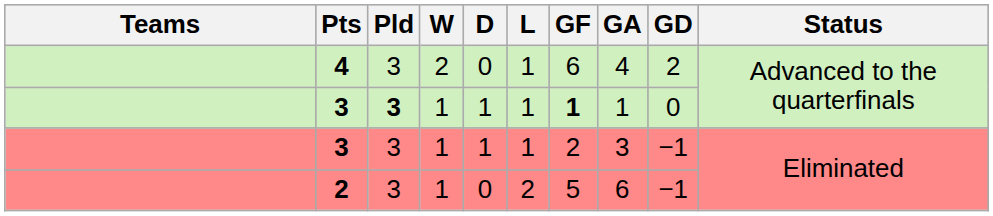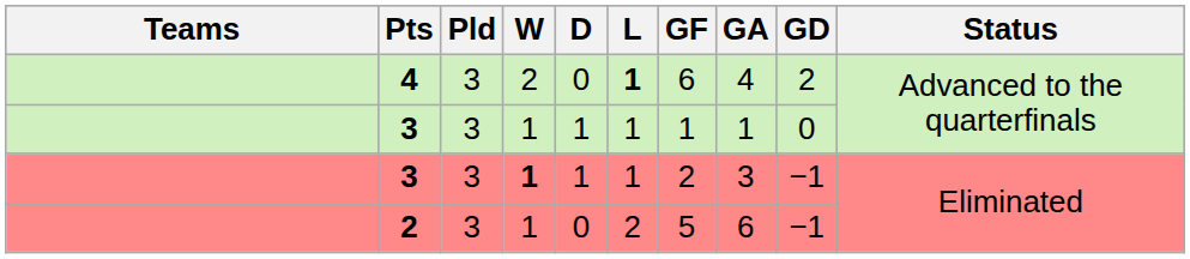 <table class=wikitable style="text-align:center">
 <tr>
 <th width=200>Teams</th>
 <th width=20>Pts</th>
 <th width=20>Pld</th>
 <th width=20>W</th>
 <th width=20>D</th>
 <th width=20>L</th>
 <th width=20>GF</th>
 <th width=20>GA</th>
 <th width=20>GD</th>
 <th width=181>Status</th>
 </tr>
 <tr bgcolor="#D0F0C0">
 <td style="text-align:left;"></td>
 <td><strong>4</strong></td>
 <td>3</td>
 <td>2</td>
 <td>0</td>
-<td>1</td>
+<td><strong>1</strong></td>
 <td>6</td>
 <td>4</td>
 <td>2</td>
 <td rowspan=2>Advanced to the quarterfinals</td>
 </tr>
 <tr bgcolor="#D0F0C0">
 <td style="text-align:left;"></td>
 <td><strong>3</strong></td>
-<td><strong>3</strong></td>
+<td>3</td>
 <td>1</td>
 <td>1</td>
 <td>1</td>
-<td><strong>1</strong></td>
+<td>1</td>
 <td>1</td>
 <td>0</td>
 </tr>
 <tr bgcolor=#FF8888>
 <td style="text-align:left;"></td>
 <td><strong>3</strong></td>
 <td>3</td>
-<td>1</td>
+<td><strong>1</strong></td>
 <td>1</td>
 <td>1</td>
 <td>2</td>
 <td>3</td>
 <td>−1</td>
 <td rowspan=2>Eliminated</td>
 </tr>
 <tr bgcolor=#FF8888>
 <td style="text-align:left;"></td>
 <td><strong>2</strong></td>
 <td>3</td>
 <td>1</td>
 <td>0</td>
 <td>2</td>
 <td>5</td>
 <td>6</td>
 <td>−1</td>
 </tr>
 </table>
